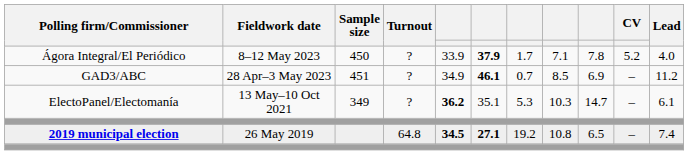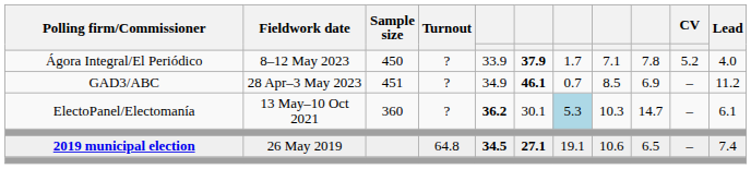 <table class="wikitable collapsible collapsed" style="text-align:center; font-size:95%; line-height:16px;">
 <tr style="height:42px;">
 <th style="width:250px;" rowspan="2">Polling firm/Commissioner</th>
 <th style="width:125px;" rowspan="2">Fieldwork date</th>
 <th style="width:50px;" rowspan="2">Sample size</th>
 <th style="width:45px;" rowspan="2">Turnout</th>
 <th style="width:35px;"></th>
 <th style="width:35px;"></th>
 <th style="width:35px;"></th>
 <th style="width:35px;"></th>
 <th style="width:35px;"></th>
 <th style="width:35px;">CV</th>
 <th style="width:30px;" rowspan="2">Lead</th>
 </tr>
 <tr>
 <th style="color:inherit;background:"></th>
 <th style="color:inherit;background:"></th>
 <th style="color:inherit;background:"></th>
 <th style="color:inherit;background:"></th>
 <th style="color:inherit;background:"></th>
 <th style="color:inherit;background:"></th>
 </tr>
 <tr>
 <td>Ágora Integral/El Periódico</td>
 <td>8–12 May 2023</td>
 <td>450</td>
 <td>?</td>
 <td>33.9<br></td>
 <td><strong>37.9</strong><br></td>
 <td>1.7<br></td>
 <td>7.1<br></td>
 <td>7.8<br></td>
 <td>5.2<br></td>
 <td style="background:">4.0</td>
 </tr>
 <tr>
 <td>GAD3/ABC</td>
 <td>28 Apr–3 May 2023</td>
 <td>451</td>
 <td>?</td>
 <td>34.9<br></td>
 <td><strong>46.1</strong><br></td>
 <td>0.7<br></td>
 <td>8.5<br></td>
 <td>6.9<br></td>
 <td>–</td>
 <td style="background:">11.2</td>
 </tr>
 <tr>
 <td>ElectoPanel/Electomanía</td>
 <td>13 May–10 Oct 2021</td>
-<td>349</td>
+<td>360</td>
 <td>?</td>
 <td><strong>36.2</strong><br></td>
-<td>35.1<br></td>
-<td>5.3<br></td>
+<td>30.1<br></td>
+<td style="background: lightblue;">5.3<br></td>
 <td>10.3<br></td>
 <td>14.7<br></td>
 <td>–</td>
 <td style="background:">6.1</td>
 </tr>
 <tr>
 <td colspan="11" style="background:#A0A0A0"></td>
 </tr>
 <tr style="background:#EFEFEF;">
 <td><strong><a href='#'>2019 municipal election</a></strong></td>
 <td>26 May 2019</td>
 <td></td>
 <td>64.8</td>
 <td><strong>34.5</strong><br></td>
 <td><strong>27.1<br></strong></td>
-<td>19.2<br></td>
-<td>10.8<br></td>
+<td>19.1<br></td>
+<td>10.6<br></td>
 <td>6.5<br></td>
 <td>–</td>
 <td style="background:">7.4</td>
 </tr>
 <tr>
 <td colspan="11" style="background:#A0A0A0"></td>
 </tr>
 </table>
